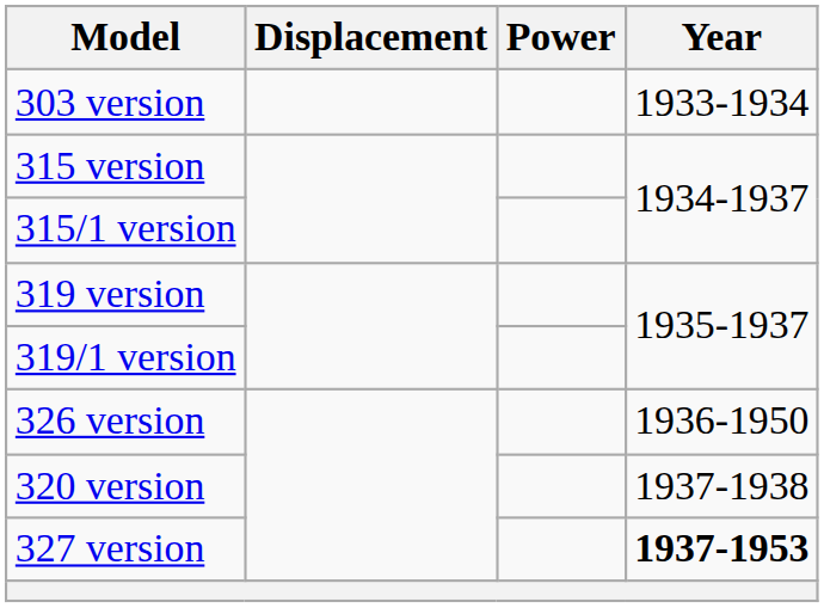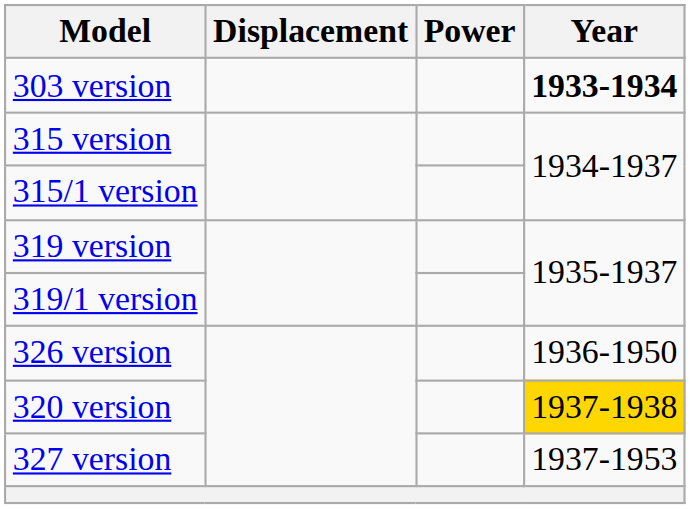 <table class=wikitable>
 <tr>
 <th>Model</th>
 <th>Displacement</th>
 <th>Power</th>
 <th>Year</th>
 </tr>
 <tr>
 <td><a href='#'>303 version</a></td>
 <td></td>
 <td></td>
-<td>1933-1934</td>
+<td><strong>1933-1934</strong></td>
 </tr>
 <tr>
 <td><a href='#'>315 version</a></td>
 <td rowspan=2></td>
 <td></td>
 <td rowspan=2>1934-1937</td>
 </tr>
 <tr>
 <td><a href='#'>315/1 version</a></td>
 <td></td>
 </tr>
 <tr>
 <td><a href='#'>319 version</a></td>
 <td rowspan=2></td>
 <td></td>
 <td rowspan=2>1935-1937</td>
 </tr>
 <tr>
 <td><a href='#'>319/1 version</a></td>
 <td></td>
 </tr>
 <tr>
 <td><a href='#'>326 version</a></td>
 <td rowspan=3></td>
 <td></td>
 <td>1936-1950</td>
 </tr>
 <tr>
 <td><a href='#'>320 version</a></td>
 <td></td>
-<td>1937-1938</td>
+<td style="background: gold;">1937-1938</td>
 </tr>
 <tr>
 <td><a href='#'>327 version</a></td>
 <td></td>
-<td><strong>1937-1953</strong></td>
+<td>1937-1953</td>
 </tr>
 <tr>
 <th colspan="4"></th>
 </tr>
 </table>
